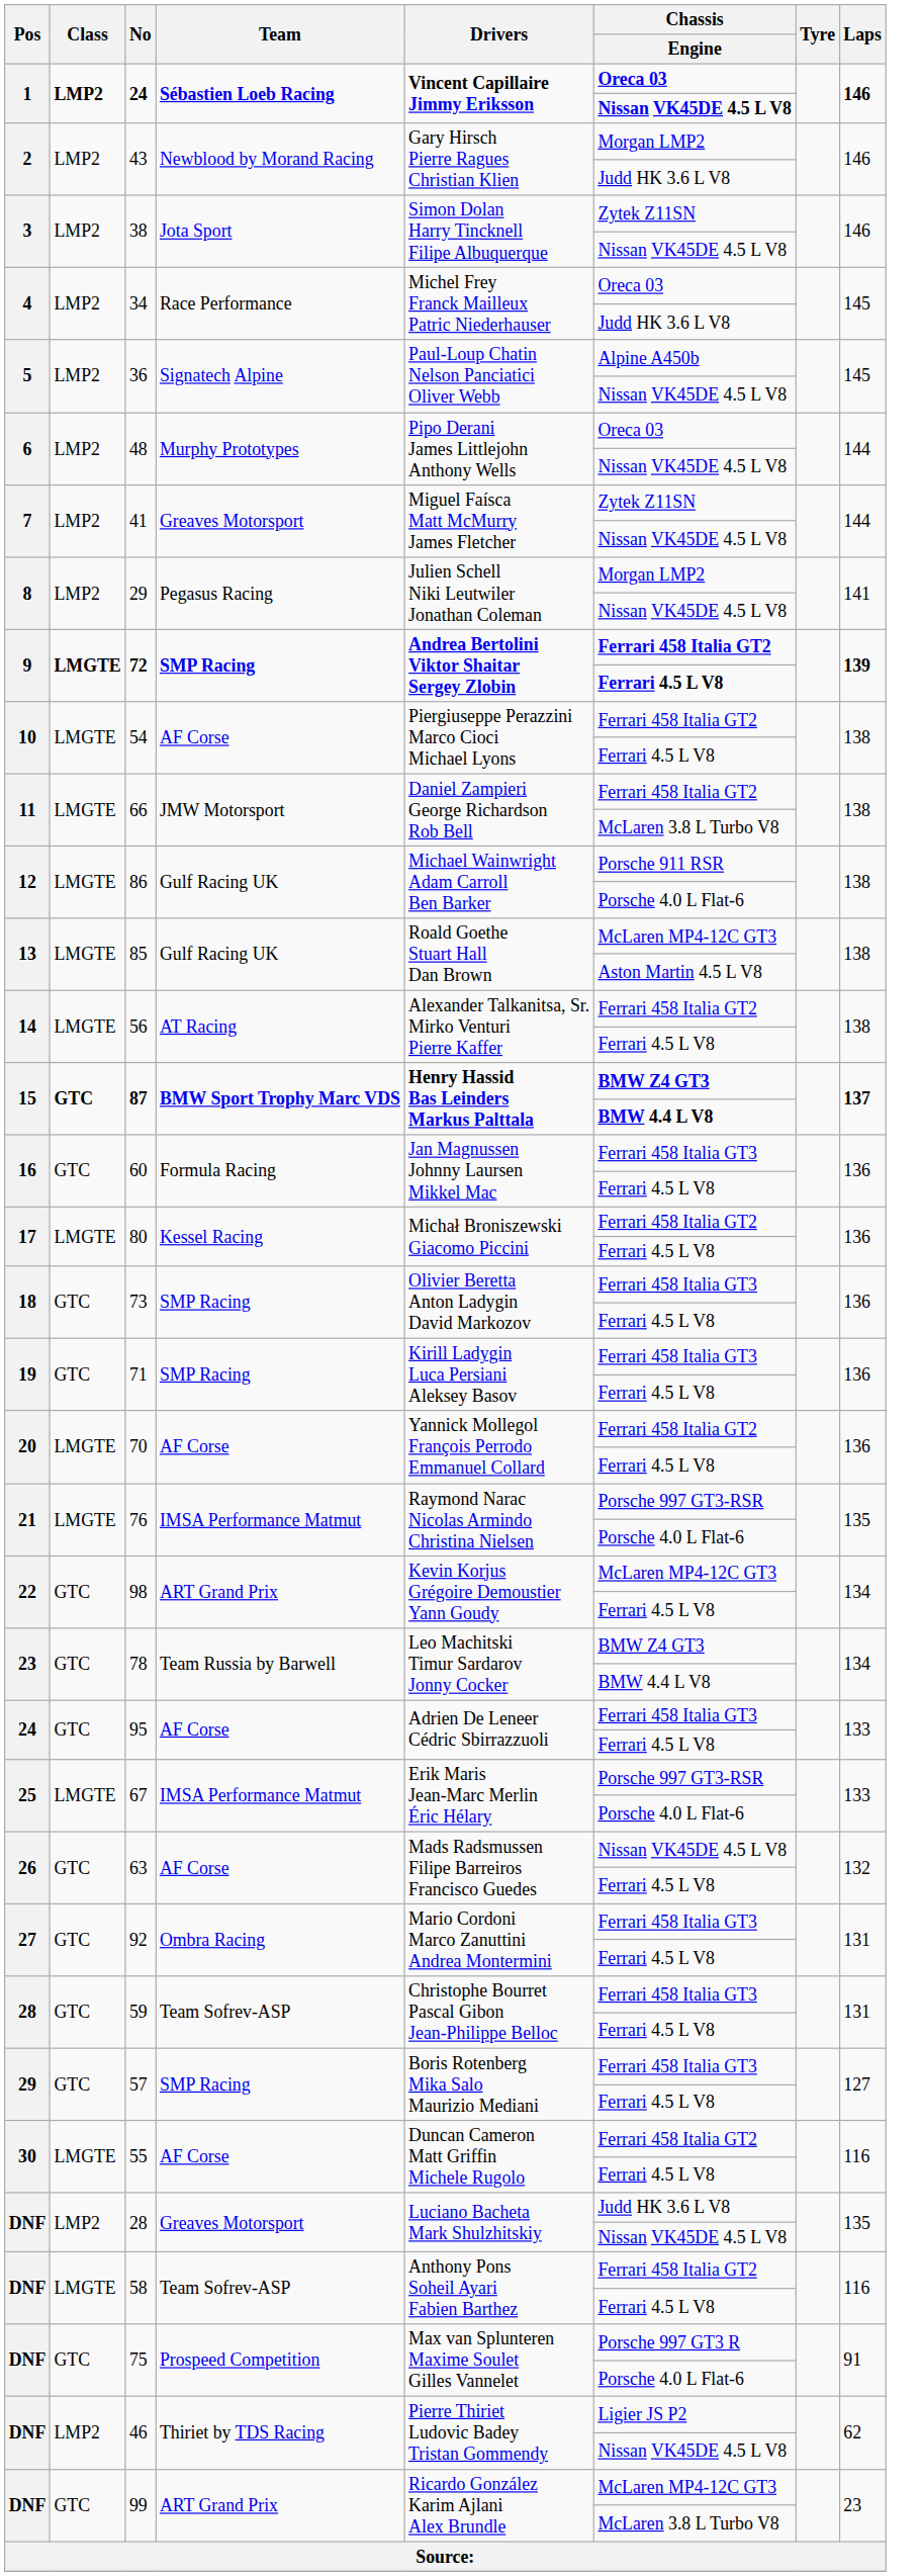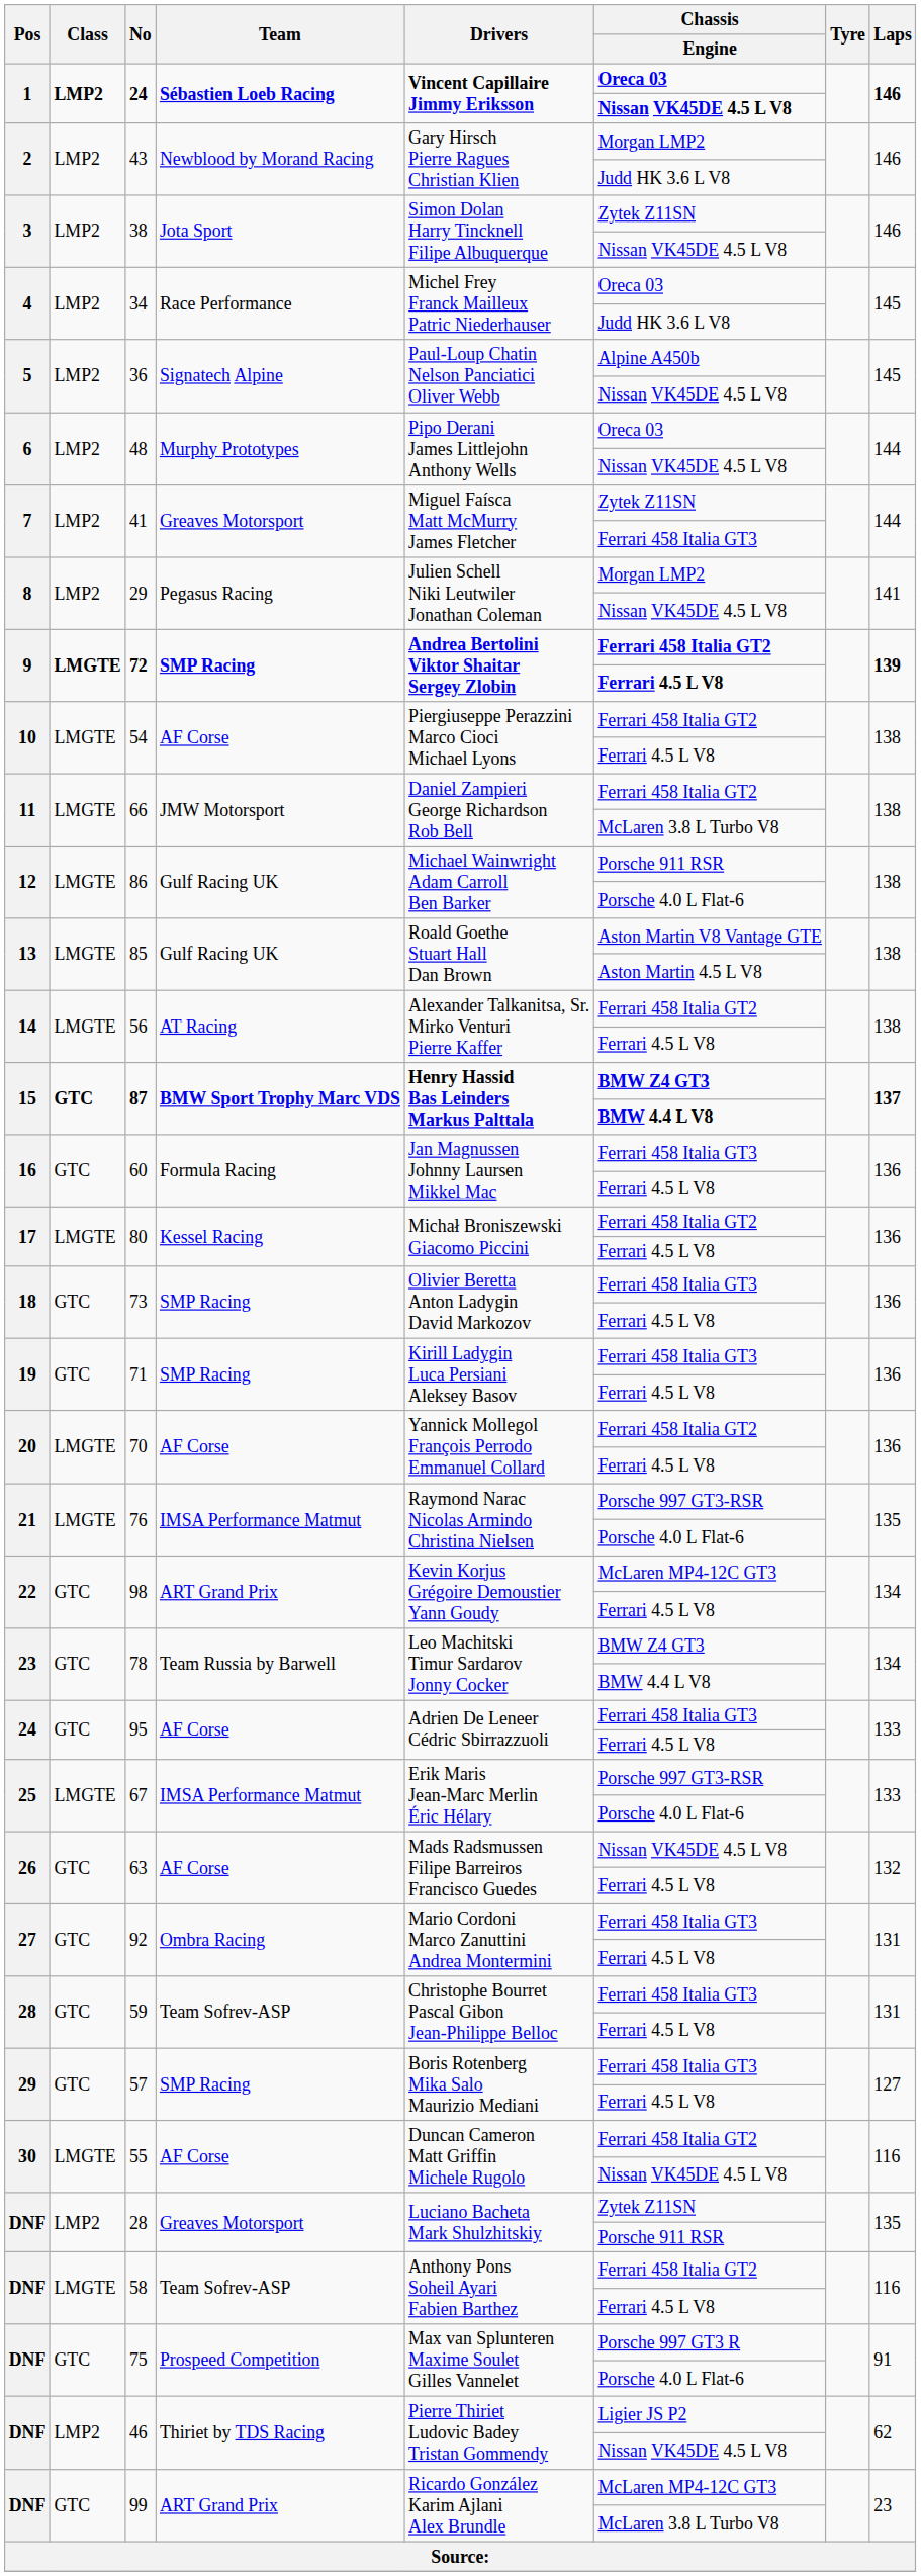 <table class="wikitable" style="font-size: 95%;">
 <tr>
 <th rowspan=2>Pos</th>
 <th rowspan=2>Class</th>
 <th rowspan=2>No</th>
 <th rowspan=2>Team</th>
 <th rowspan=2>Drivers</th>
 <th>Chassis</th>
 <th rowspan=2>Tyre</th>
 <th rowspan=2>Laps</th>
 </tr>
 <tr>
 <th>Engine</th>
 </tr>
 <tr>
 <th rowspan=2>1</th>
 <td rowspan=2><strong>LMP2</strong></td>
 <td rowspan=2><strong>24</strong></td>
 <td rowspan=2><strong> <a href='#'>Sébastien Loeb Racing</a></strong></td>
 <td rowspan=2><strong> Vincent Capillaire<br> <a href='#'>Jimmy Eriksson</a></strong></td>
 <td><strong><a href='#'>Oreca 03</a></strong></td>
 <td rowspan=2></td>
 <td rowspan=2><strong>146</strong></td>
 </tr>
 <tr>
 <td><strong><a href='#'>Nissan</a> <a href='#'>VK45DE</a> 4.5 L V8</strong></td>
 </tr>
 <tr>
 <th rowspan=2>2</th>
 <td rowspan=2>LMP2</td>
 <td rowspan=2>43</td>
 <td rowspan=2> <a href='#'>Newblood by Morand Racing</a></td>
 <td rowspan=2> Gary Hirsch<br> <a href='#'>Pierre Ragues</a><br> <a href='#'>Christian Klien</a></td>
 <td><a href='#'>Morgan LMP2</a></td>
 <td rowspan=2></td>
 <td rowspan=2>146</td>
 </tr>
 <tr>
 <td><a href='#'>Judd</a> HK 3.6 L V8</td>
 </tr>
 <tr>
 <th rowspan=2>3</th>
 <td rowspan=2>LMP2</td>
 <td rowspan=2>38</td>
 <td rowspan=2> <a href='#'>Jota Sport</a></td>
 <td rowspan=2> <a href='#'>Simon Dolan</a><br> <a href='#'>Harry Tincknell</a><br> <a href='#'>Filipe Albuquerque</a></td>
 <td><a href='#'>Zytek Z11SN</a></td>
 <td rowspan=2></td>
 <td rowspan=2>146</td>
 </tr>
 <tr>
 <td><a href='#'>Nissan</a> <a href='#'>VK45DE</a> 4.5 L V8</td>
 </tr>
 <tr>
 <th rowspan=2>4</th>
 <td rowspan=2>LMP2</td>
 <td rowspan=2>34</td>
 <td rowspan=2> Race Performance</td>
 <td rowspan=2> Michel Frey<br> <a href='#'>Franck Mailleux</a><br> <a href='#'>Patric Niederhauser</a></td>
 <td><a href='#'>Oreca 03</a></td>
 <td rowspan=2></td>
 <td rowspan=2>145</td>
 </tr>
 <tr>
 <td><a href='#'>Judd</a> HK 3.6 L V8</td>
 </tr>
 <tr>
 <th rowspan="2">5</th>
 <td rowspan="2">LMP2</td>
 <td rowspan="2">36</td>
 <td rowspan="2"> <a href='#'>Signatech</a> <a href='#'>Alpine</a></td>
 <td rowspan="2"> <a href='#'>Paul-Loup Chatin</a><br> <a href='#'>Nelson Panciatici</a><br> <a href='#'>Oliver Webb</a></td>
 <td><a href='#'>Alpine A450b</a></td>
 <td rowspan="2"></td>
 <td rowspan="2">145</td>
 </tr>
 <tr>
 <td><a href='#'>Nissan</a> <a href='#'>VK45DE</a> 4.5 L V8</td>
 </tr>
 <tr>
 <th rowspan="2">6</th>
 <td rowspan="2">LMP2</td>
 <td rowspan="2">48</td>
 <td rowspan="2"> <a href='#'>Murphy Prototypes</a></td>
 <td rowspan="2"> <a href='#'>Pipo Derani</a><br> James Littlejohn<br> Anthony Wells</td>
 <td><a href='#'>Oreca 03</a></td>
 <td rowspan="2"></td>
 <td rowspan="2">144</td>
 </tr>
 <tr>
 <td><a href='#'>Nissan</a> <a href='#'>VK45DE</a> 4.5 L V8</td>
 </tr>
 <tr>
 <th rowspan="2">7</th>
 <td rowspan="2">LMP2</td>
 <td rowspan="2">41</td>
 <td rowspan="2"> <a href='#'>Greaves Motorsport</a></td>
 <td rowspan="2"> Miguel Faísca<br> <a href='#'>Matt McMurry</a><br> James Fletcher</td>
 <td><a href='#'>Zytek Z11SN</a></td>
 <td rowspan="2"></td>
 <td rowspan="2">144</td>
 </tr>
 <tr>
-<td><a href='#'>Nissan</a> <a href='#'>VK45DE</a> 4.5 L V8</td>
+<td><a href='#'>Ferrari 458 Italia GT3</a></td>
 </tr>
 <tr>
 <th rowspan="2">8</th>
 <td rowspan="2">LMP2</td>
 <td rowspan="2">29</td>
 <td rowspan="2"> Pegasus Racing</td>
 <td rowspan="2"> Julien Schell<br> Niki Leutwiler<br> Jonathan Coleman</td>
 <td><a href='#'>Morgan LMP2</a></td>
 <td rowspan="2"></td>
 <td rowspan="2">141</td>
 </tr>
 <tr>
 <td><a href='#'>Nissan</a> <a href='#'>VK45DE</a> 4.5 L V8</td>
 </tr>
 <tr>
 <th rowspan=2>9</th>
 <td rowspan=2><strong>LMGTE</strong></td>
 <td rowspan=2><strong>72</strong></td>
 <td rowspan=2><strong> <a href='#'>SMP Racing</a></strong></td>
 <td rowspan=2><strong> <a href='#'>Andrea Bertolini</a><br> <a href='#'>Viktor Shaitar</a><br> <a href='#'>Sergey Zlobin</a></strong></td>
 <td><strong><a href='#'>Ferrari 458 Italia GT2</a></strong></td>
 <td rowspan=2></td>
 <td rowspan=2><strong>139</strong></td>
 </tr>
 <tr>
 <td><strong><a href='#'>Ferrari</a> 4.5 L V8</strong></td>
 </tr>
 <tr>
 <th rowspan=2>10</th>
 <td rowspan=2>LMGTE</td>
 <td rowspan=2>54</td>
 <td rowspan=2> <a href='#'>AF Corse</a></td>
 <td rowspan=2> Piergiuseppe Perazzini<br> Marco Cioci<br> Michael Lyons</td>
 <td><a href='#'>Ferrari 458 Italia GT2</a></td>
 <td rowspan=2></td>
 <td rowspan=2>138</td>
 </tr>
 <tr>
 <td><a href='#'>Ferrari</a> 4.5 L V8</td>
 </tr>
 <tr>
 <th rowspan=2>11</th>
 <td rowspan=2>LMGTE</td>
 <td rowspan=2>66</td>
 <td rowspan=2> JMW Motorsport</td>
 <td rowspan=2> <a href='#'>Daniel Zampieri</a><br> George Richardson<br> <a href='#'>Rob Bell</a></td>
 <td><a href='#'>Ferrari 458 Italia GT2</a></td>
 <td rowspan=2></td>
 <td rowspan=2>138</td>
 </tr>
 <tr>
 <td><a href='#'>McLaren</a> 3.8 L Turbo V8</td>
 </tr>
 <tr>
 <th rowspan=2>12</th>
 <td rowspan=2>LMGTE</td>
 <td rowspan=2>86</td>
 <td rowspan=2> Gulf Racing UK</td>
 <td rowspan=2> <a href='#'>Michael Wainwright</a><br> <a href='#'>Adam Carroll</a><br> <a href='#'>Ben Barker</a></td>
 <td><a href='#'>Porsche 911 RSR</a></td>
 <td rowspan=2></td>
 <td rowspan=2>138</td>
 </tr>
 <tr>
 <td><a href='#'>Porsche</a> 4.0 L Flat-6</td>
 </tr>
 <tr>
 <th rowspan="2">13</th>
 <td rowspan="2">LMGTE</td>
 <td rowspan="2">85</td>
 <td rowspan="2"> Gulf Racing UK</td>
 <td rowspan="2"> Roald Goethe<br> <a href='#'>Stuart Hall</a><br> Dan Brown</td>
-<td><a href='#'>McLaren MP4-12C GT3</a></td>
+<td><a href='#'>Aston Martin V8 Vantage GTE</a></td>
 <td rowspan="2"></td>
 <td rowspan="2">138</td>
 </tr>
 <tr>
 <td><a href='#'>Aston Martin</a> 4.5 L V8</td>
 </tr>
 <tr>
 <th rowspan="2">14</th>
 <td rowspan="2">LMGTE</td>
 <td rowspan="2">56</td>
 <td rowspan="2"> <a href='#'>AT Racing</a></td>
 <td rowspan="2"> Alexander Talkanitsa, Sr.<br> Mirko Venturi<br> <a href='#'>Pierre Kaffer</a></td>
 <td><a href='#'>Ferrari 458 Italia GT2</a></td>
 <td rowspan="2"></td>
 <td rowspan="2">138</td>
 </tr>
 <tr>
 <td><a href='#'>Ferrari</a> 4.5 L V8</td>
 </tr>
 <tr>
 <th rowspan=2>15</th>
 <td rowspan=2><strong>GTC</strong></td>
 <td rowspan=2><strong>87</strong></td>
 <td rowspan=2><strong> <a href='#'>BMW Sport Trophy Marc VDS</a></strong></td>
 <td rowspan=2><strong> Henry Hassid<br> <a href='#'>Bas Leinders</a><br> <a href='#'>Markus Palttala</a></strong></td>
 <td><a href='#'><strong>BMW Z4 GT3</strong></a></td>
 <td rowspan=2></td>
 <td rowspan=2><strong>137</strong></td>
 </tr>
 <tr>
 <td><strong><a href='#'>BMW</a> 4.4 L V8</strong></td>
 </tr>
 <tr>
 <th rowspan=2>16</th>
 <td rowspan=2>GTC</td>
 <td rowspan=2>60</td>
 <td rowspan=2> Formula Racing</td>
 <td rowspan=2> <a href='#'>Jan Magnussen</a><br> Johnny Laursen<br> <a href='#'>Mikkel Mac</a></td>
 <td><a href='#'>Ferrari 458 Italia GT3</a></td>
 <td rowspan=2></td>
 <td rowspan=2>136</td>
 </tr>
 <tr>
 <td><a href='#'>Ferrari</a> 4.5 L V8</td>
 </tr>
 <tr>
 <th rowspan=2>17</th>
 <td rowspan=2>LMGTE</td>
 <td rowspan=2>80</td>
 <td rowspan=2> <a href='#'>Kessel Racing</a></td>
 <td rowspan=2> Michał Broniszewski<br> <a href='#'>Giacomo Piccini</a></td>
 <td><a href='#'>Ferrari 458 Italia GT2</a></td>
 <td rowspan=2></td>
 <td rowspan=2>136</td>
 </tr>
 <tr>
 <td><a href='#'>Ferrari</a> 4.5 L V8</td>
 </tr>
 <tr>
 <th rowspan=2>18</th>
 <td rowspan=2>GTC</td>
 <td rowspan=2>73</td>
 <td rowspan=2> <a href='#'>SMP Racing</a></td>
 <td rowspan=2> <a href='#'>Olivier Beretta</a><br> Anton Ladygin<br> David Markozov</td>
 <td><a href='#'>Ferrari 458 Italia GT3</a></td>
 <td rowspan=2></td>
 <td rowspan=2>136</td>
 </tr>
 <tr>
 <td><a href='#'>Ferrari</a> 4.5 L V8</td>
 </tr>
 <tr>
 <th rowspan=2>19</th>
 <td rowspan=2>GTC</td>
 <td rowspan=2>71</td>
 <td rowspan=2> <a href='#'>SMP Racing</a></td>
 <td rowspan=2> <a href='#'>Kirill Ladygin</a><br> <a href='#'>Luca Persiani</a><br> Aleksey Basov</td>
 <td><a href='#'>Ferrari 458 Italia GT3</a></td>
 <td rowspan=2></td>
 <td rowspan=2>136</td>
 </tr>
 <tr>
 <td><a href='#'>Ferrari</a> 4.5 L V8</td>
 </tr>
 <tr>
 <th rowspan=2>20</th>
 <td rowspan=2>LMGTE</td>
 <td rowspan=2>70</td>
 <td rowspan=2> <a href='#'>AF Corse</a></td>
 <td rowspan=2> Yannick Mollegol<br> <a href='#'>François Perrodo</a><br> <a href='#'>Emmanuel Collard</a></td>
 <td><a href='#'>Ferrari 458 Italia GT2</a></td>
 <td rowspan=2></td>
 <td rowspan=2>136</td>
 </tr>
 <tr>
 <td><a href='#'>Ferrari</a> 4.5 L V8</td>
 </tr>
 <tr>
 <th rowspan=2>21</th>
 <td rowspan=2>LMGTE</td>
 <td rowspan=2>76</td>
 <td rowspan=2> <a href='#'>IMSA Performance Matmut</a></td>
 <td rowspan=2> Raymond Narac<br> <a href='#'>Nicolas Armindo</a><br> <a href='#'>Christina Nielsen</a></td>
 <td><a href='#'>Porsche 997 GT3-RSR</a></td>
 <td rowspan=2></td>
 <td rowspan=2>135</td>
 </tr>
 <tr>
 <td><a href='#'>Porsche</a> 4.0 L Flat-6</td>
 </tr>
 <tr>
 <th rowspan=2>22</th>
 <td rowspan=2>GTC</td>
 <td rowspan=2>98</td>
 <td rowspan=2> <a href='#'>ART Grand Prix</a></td>
 <td rowspan=2> <a href='#'>Kevin Korjus</a><br> <a href='#'>Grégoire Demoustier</a><br> <a href='#'>Yann Goudy</a></td>
 <td><a href='#'>McLaren MP4-12C GT3</a></td>
 <td rowspan=2></td>
 <td rowspan=2>134</td>
 </tr>
 <tr>
 <td><a href='#'>Ferrari</a> 4.5 L V8</td>
 </tr>
 <tr>
 <th rowspan=2>23</th>
 <td rowspan=2>GTC</td>
 <td rowspan=2>78</td>
 <td rowspan=2> Team Russia by Barwell</td>
 <td rowspan=2> Leo Machitski<br> Timur Sardarov<br> <a href='#'>Jonny Cocker</a></td>
 <td><a href='#'>BMW Z4 GT3</a></td>
 <td rowspan=2></td>
 <td rowspan=2>134</td>
 </tr>
 <tr>
 <td><a href='#'>BMW</a> 4.4 L V8</td>
 </tr>
 <tr>
 <th rowspan=2>24</th>
 <td rowspan=2>GTC</td>
 <td rowspan=2>95</td>
 <td rowspan=2> <a href='#'>AF Corse</a></td>
 <td rowspan=2> Adrien De Leneer<br> Cédric Sbirrazzuoli</td>
 <td><a href='#'>Ferrari 458 Italia GT3</a></td>
 <td rowspan=2></td>
 <td rowspan=2>133</td>
 </tr>
 <tr>
 <td><a href='#'>Ferrari</a> 4.5 L V8</td>
 </tr>
 <tr>
 <th rowspan="2">25</th>
 <td rowspan="2">LMGTE</td>
 <td rowspan="2">67</td>
 <td rowspan="2"> <a href='#'>IMSA Performance Matmut</a></td>
 <td rowspan="2"> Erik Maris<br> Jean-Marc Merlin<br> <a href='#'>Éric Hélary</a></td>
 <td><a href='#'>Porsche 997 GT3-RSR</a></td>
 <td rowspan="2"></td>
 <td rowspan="2">133</td>
 </tr>
 <tr>
 <td><a href='#'>Porsche</a> 4.0 L Flat-6</td>
 </tr>
 <tr>
 <th rowspan="2">26</th>
 <td rowspan="2">GTC</td>
 <td rowspan="2">63</td>
 <td rowspan="2"> <a href='#'>AF Corse</a></td>
 <td rowspan="2"> Mads Radsmussen<br> Filipe Barreiros<br> Francisco Guedes</td>
 <td><a href='#'>Nissan</a> <a href='#'>VK45DE</a> 4.5 L V8</td>
 <td rowspan="2"></td>
 <td rowspan="2">132</td>
 </tr>
 <tr>
 <td><a href='#'>Ferrari</a> 4.5 L V8</td>
 </tr>
 <tr>
 <th rowspan="2">27</th>
 <td rowspan="2">GTC</td>
 <td rowspan="2">92</td>
 <td rowspan="2"> <a href='#'>Ombra Racing</a></td>
 <td rowspan="2"> Mario Cordoni<br> Marco Zanuttini<br> <a href='#'>Andrea Montermini</a></td>
 <td><a href='#'>Ferrari 458 Italia GT3</a></td>
 <td rowspan="2"></td>
 <td rowspan="2">131</td>
 </tr>
 <tr>
 <td><a href='#'>Ferrari</a> 4.5 L V8</td>
 </tr>
 <tr>
 <th rowspan="2">28</th>
 <td rowspan="2">GTC</td>
 <td rowspan="2">59</td>
 <td rowspan="2"> Team Sofrev-ASP</td>
 <td rowspan="2"> Christophe Bourret<br> Pascal Gibon<br> <a href='#'>Jean-Philippe Belloc</a></td>
 <td><a href='#'>Ferrari 458 Italia GT3</a></td>
 <td rowspan="2"></td>
 <td rowspan="2">131</td>
 </tr>
 <tr>
 <td><a href='#'>Ferrari</a> 4.5 L V8</td>
 </tr>
 <tr>
 <th rowspan="2">29</th>
 <td rowspan="2">GTC</td>
 <td rowspan="2">57</td>
 <td rowspan="2"> <a href='#'>SMP Racing</a></td>
 <td rowspan="2"> Boris Rotenberg<br> <a href='#'>Mika Salo</a><br> Maurizio Mediani</td>
 <td><a href='#'>Ferrari 458 Italia GT3</a></td>
 <td rowspan="2"></td>
 <td rowspan="2">127</td>
 </tr>
 <tr>
 <td><a href='#'>Ferrari</a> 4.5 L V8</td>
 </tr>
 <tr>
 <th rowspan="2">30</th>
 <td rowspan="2">LMGTE</td>
 <td rowspan="2">55</td>
 <td rowspan="2"> <a href='#'>AF Corse</a></td>
 <td rowspan="2"> Duncan Cameron<br> Matt Griffin<br> <a href='#'>Michele Rugolo</a></td>
 <td><a href='#'>Ferrari 458 Italia GT2</a></td>
 <td rowspan="2"></td>
 <td rowspan="2">116</td>
 </tr>
 <tr>
-<td><a href='#'>Ferrari</a> 4.5 L V8</td>
+<td><a href='#'>Nissan</a> <a href='#'>VK45DE</a> 4.5 L V8</td>
 </tr>
 <tr>
 <th rowspan="2">DNF</th>
 <td rowspan="2">LMP2</td>
 <td rowspan="2">28</td>
 <td rowspan="2"> <a href='#'>Greaves Motorsport</a></td>
 <td rowspan="2"> <a href='#'>Luciano Bacheta</a><br> <a href='#'>Mark Shulzhitskiy</a></td>
-<td><a href='#'>Judd</a> HK 3.6 L V8</td>
+<td><a href='#'>Zytek Z11SN</a></td>
 <td rowspan="2"></td>
 <td rowspan="2">135</td>
 </tr>
 <tr>
-<td><a href='#'>Nissan</a> <a href='#'>VK45DE</a> 4.5 L V8</td>
+<td><a href='#'>Porsche 911 RSR</a></td>
 </tr>
 <tr>
 <th rowspan="2">DNF</th>
 <td rowspan="2">LMGTE</td>
 <td rowspan="2">58</td>
 <td rowspan="2"> Team Sofrev-ASP</td>
 <td rowspan="2"> Anthony Pons<br> <a href='#'>Soheil Ayari</a><br> <a href='#'>Fabien Barthez</a></td>
 <td><a href='#'>Ferrari 458 Italia GT2</a></td>
 <td rowspan="2"></td>
 <td rowspan="2">116</td>
 </tr>
 <tr>
 <td><a href='#'>Ferrari</a> 4.5 L V8</td>
 </tr>
 <tr>
 <th rowspan="2">DNF</th>
 <td rowspan="2">GTC</td>
 <td rowspan="2">75</td>
 <td rowspan="2"> <a href='#'>Prospeed Competition</a></td>
 <td rowspan="2"> Max van Splunteren<br> <a href='#'>Maxime Soulet</a><br> Gilles Vannelet</td>
 <td><a href='#'>Porsche 997 GT3 R</a></td>
 <td rowspan="2"></td>
 <td rowspan="2">91</td>
 </tr>
 <tr>
 <td><a href='#'>Porsche</a> 4.0 L Flat-6</td>
 </tr>
 <tr>
 <th rowspan="2">DNF</th>
 <td rowspan="2">LMP2</td>
 <td rowspan="2">46</td>
 <td rowspan="2"> Thiriet by <a href='#'>TDS Racing</a></td>
 <td rowspan="2"> <a href='#'>Pierre Thiriet</a><br> Ludovic Badey<br> <a href='#'>Tristan Gommendy</a></td>
 <td><a href='#'>Ligier JS P2</a></td>
 <td rowspan="2"></td>
 <td rowspan="2">62</td>
 </tr>
 <tr>
 <td><a href='#'>Nissan</a> <a href='#'>VK45DE</a> 4.5 L V8</td>
 </tr>
 <tr>
 <th rowspan="2">DNF</th>
 <td rowspan="2">GTC</td>
 <td rowspan="2">99</td>
 <td rowspan="2"> <a href='#'>ART Grand Prix</a></td>
 <td rowspan="2"> <a href='#'>Ricardo González</a><br> Karim Ajlani<br> <a href='#'>Alex Brundle</a></td>
 <td><a href='#'>McLaren MP4-12C GT3</a></td>
 <td rowspan="2"></td>
 <td rowspan="2">23</td>
 </tr>
 <tr>
 <td><a href='#'>McLaren</a> 3.8 L Turbo V8</td>
 </tr>
 <tr>
 <th colspan="8">Source:</th>
 </tr>
 <tr>
 </tr>
 </table>
